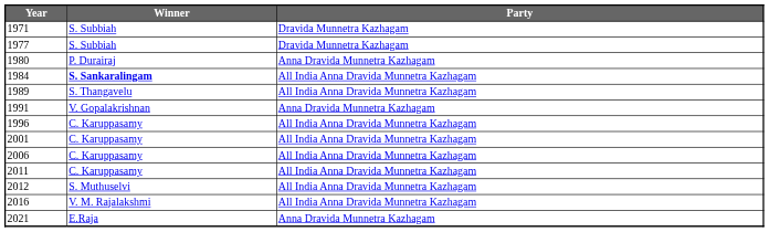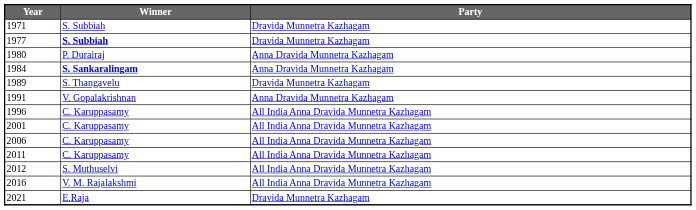 <table width="70%" cellpadding="2" cellspacing="0" border="1" style="border-collapse: collapse; border: 2px #000000 solid; font-size: x-big; font-family: verdana">
 <tr>
 <th style="background-color:#666666; color:white">Year</th>
 <th style="background-color:#666666; color:white">Winner</th>
 <th style="background-color:#666666; color:white">Party</th>
 </tr>
 <tr --->
 <td>1971</td>
 <td><a href='#'>S. Subbiah</a></td>
 <td><a href='#'>Dravida Munnetra Kazhagam</a></td>
 </tr>
 <tr --->
 <td>1977</td>
-<td><a href='#'>S. Subbiah</a></td>
+<td><strong><a href='#'>S. Subbiah</a></strong></td>
 <td><a href='#'>Dravida Munnetra Kazhagam</a></td>
 </tr>
 <tr --->
 <td>1980</td>
 <td><a href='#'>P. Durairaj</a></td>
 <td><a href='#'>Anna Dravida Munnetra Kazhagam</a></td>
 </tr>
 <tr --->
 <td>1984</td>
 <td><strong><a href='#'>S. Sankaralingam</a></strong></td>
-<td><a href='#'>All India Anna Dravida Munnetra Kazhagam</a></td>
+<td><a href='#'>Anna Dravida Munnetra Kazhagam</a></td>
 </tr>
 <tr --->
 <td>1989</td>
 <td><a href='#'>S. Thangavelu</a></td>
-<td><a href='#'>All India Anna Dravida Munnetra Kazhagam</a></td>
+<td><a href='#'>Dravida Munnetra Kazhagam</a></td>
 </tr>
 <tr --->
 <td>1991</td>
 <td><a href='#'>V. Gopalakrishnan</a></td>
 <td><a href='#'>Anna Dravida Munnetra Kazhagam</a></td>
 </tr>
 <tr --->
 <td>1996</td>
 <td><a href='#'>C. Karuppasamy</a></td>
 <td><a href='#'>All India Anna Dravida Munnetra Kazhagam</a></td>
 </tr>
 <tr --->
 <td>2001</td>
 <td><a href='#'>C. Karuppasamy</a></td>
 <td><a href='#'>All India Anna Dravida Munnetra Kazhagam</a></td>
 </tr>
 <tr --->
 <td>2006</td>
 <td><a href='#'>C. Karuppasamy</a></td>
 <td><a href='#'>All India Anna Dravida Munnetra Kazhagam</a></td>
 </tr>
 <tr --->
 <td>2011</td>
 <td><a href='#'>C. Karuppasamy</a></td>
 <td><a href='#'>All India Anna Dravida Munnetra Kazhagam</a></td>
 </tr>
 <tr --->
 <td>2012</td>
 <td><a href='#'>S. Muthuselvi</a></td>
 <td><a href='#'>All India Anna Dravida Munnetra Kazhagam</a></td>
 </tr>
 <tr --->
 <td>2016</td>
 <td><a href='#'>V. M. Rajalakshmi</a></td>
 <td><a href='#'>All India Anna Dravida Munnetra Kazhagam</a></td>
 </tr>
 <tr --->
 <td>2021</td>
 <td><a href='#'>E.Raja</a></td>
-<td><a href='#'>Anna Dravida Munnetra Kazhagam</a></td>
+<td><a href='#'>Dravida Munnetra Kazhagam</a></td>
 </tr>
 <tr --->
 </tr>
 </table>
